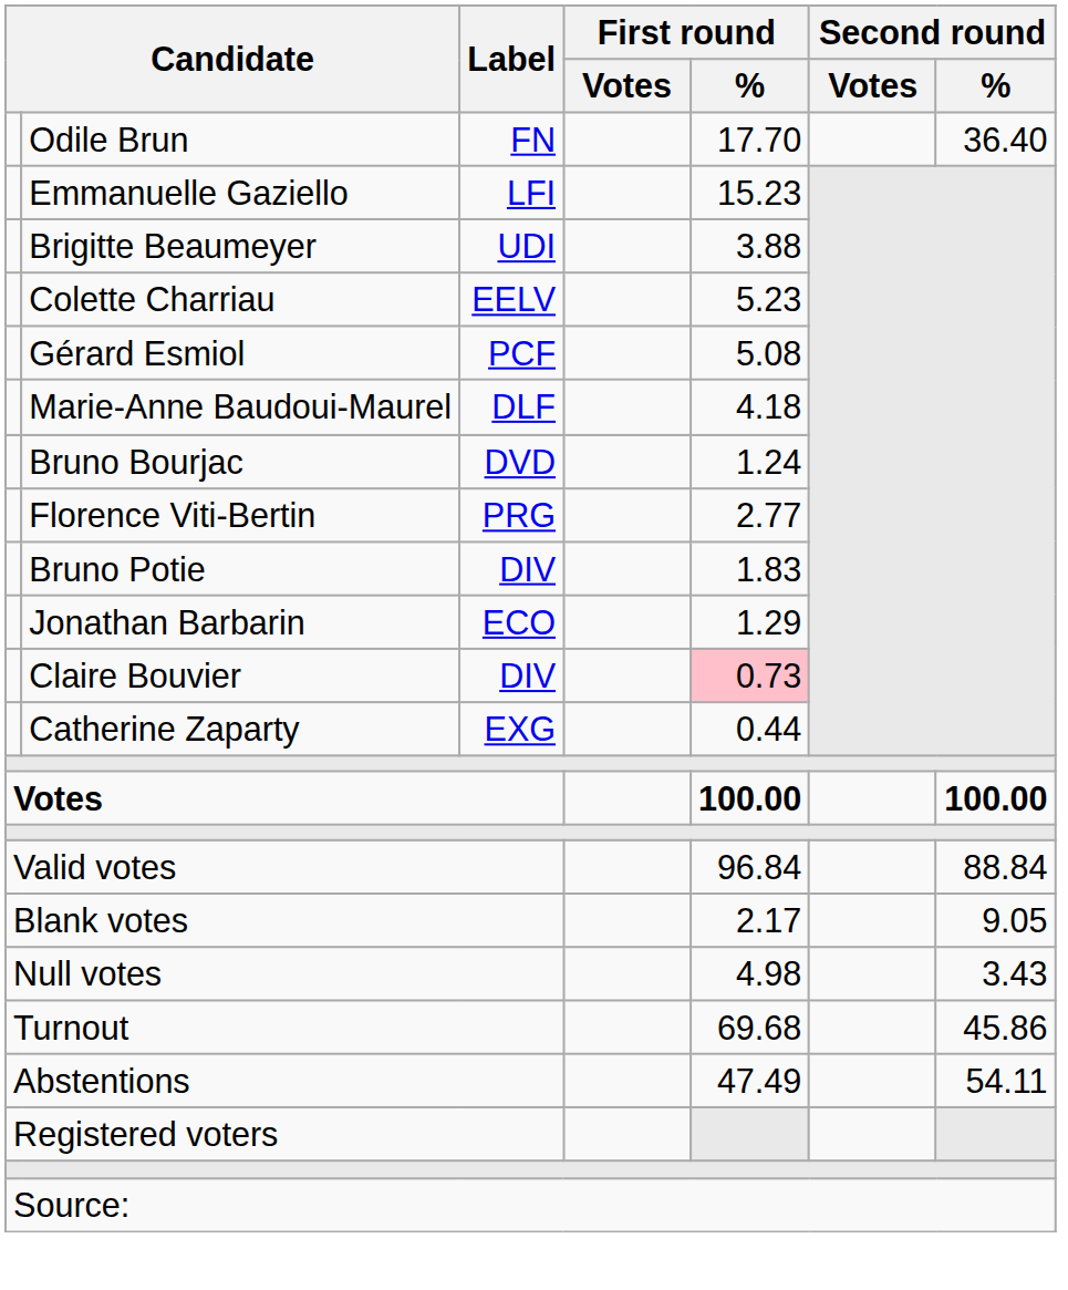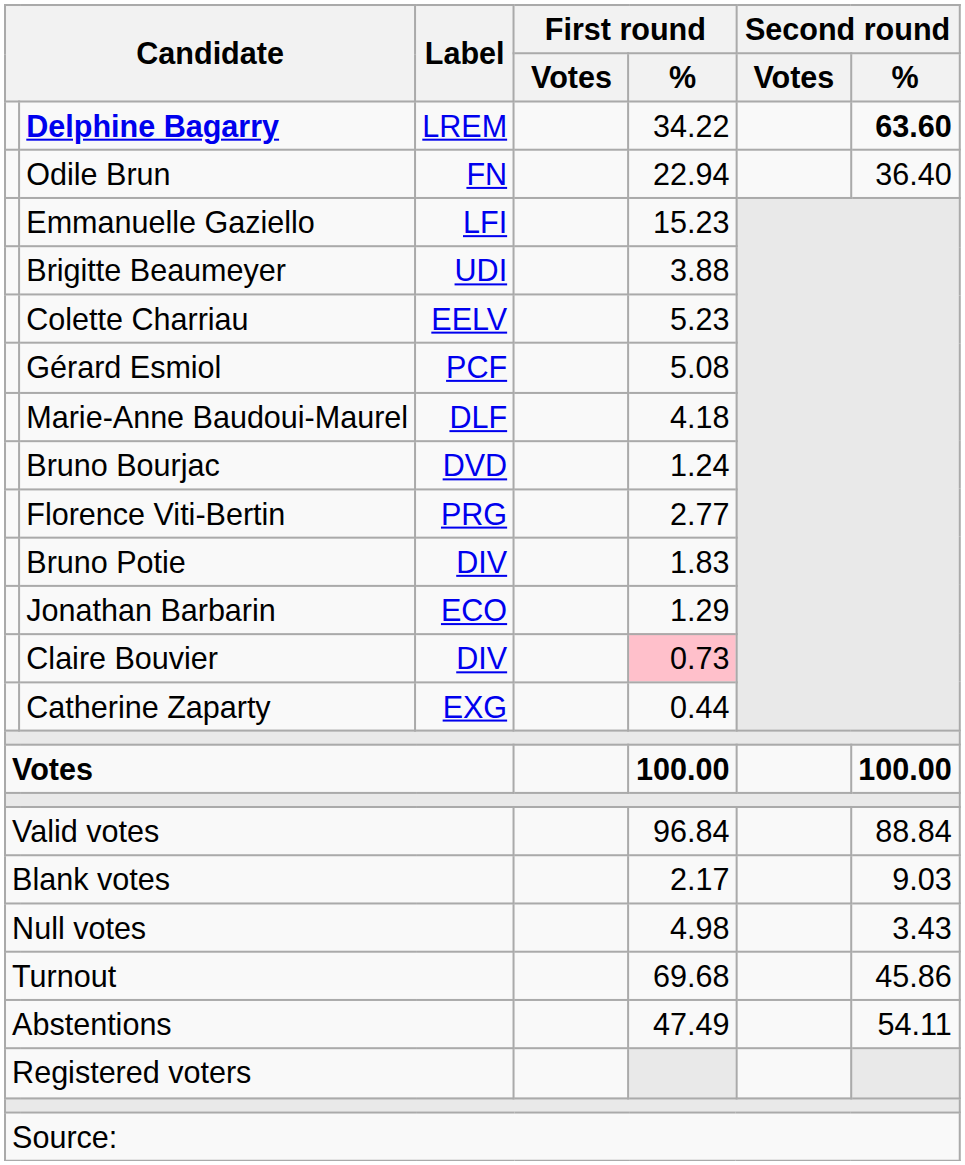 <table class="wikitable" style="text-align:right;font-size:95%;">
 <tr>
 <th colspan="2" rowspan="2">Candidate</th>
 <th rowspan="2">Label</th>
 <th colspan="2">First round</th>
 <th colspan="2">Second round</th>
 </tr>
 <tr>
 <th style="width:50px;">Votes</th>
 <th style="width:45px;">%</th>
 <th style="width:50px;">Votes</th>
 <th style="width:45px;">%</th>
 </tr>
 <tr>
 <td style="color:inherit;background:"></td>
+<td style="text-align:left;"><strong><a href='#'>Delphine Bagarry</a></strong></td>
+<td><a href='#'>LREM</a></td>
+<td></td>
+<td>34.22</td>
+<td><strong></strong></td>
+<td><strong>63.60</strong></td>
+</tr>
+<tr>
+<td style="color:inherit;background:"></td>
 <td style="text-align:left;">Odile Brun</td>
 <td><a href='#'>FN</a></td>
 <td></td>
-<td>17.70</td>
+<td>22.94</td>
 <td></td>
 <td>36.40</td>
 </tr>
 <tr>
 <td style="color:inherit;background:"></td>
 <td style="text-align:left;">Emmanuelle Gaziello</td>
 <td><a href='#'>LFI</a></td>
 <td></td>
 <td>15.23</td>
 <td colspan="2" rowspan="11" style="background:#E9E9E9;"></td>
 </tr>
 <tr>
 <td style="color:inherit;background:"></td>
 <td style="text-align:left;">Brigitte Beaumeyer</td>
 <td><a href='#'>UDI</a></td>
 <td></td>
 <td>3.88</td>
 </tr>
 <tr>
 <td style="color:inherit;background:"></td>
 <td style="text-align:left;">Colette Charriau</td>
 <td><a href='#'>EELV</a></td>
 <td></td>
 <td>5.23</td>
 </tr>
 <tr>
 <td style="color:inherit;background:"></td>
 <td style="text-align:left;">Gérard Esmiol</td>
 <td><a href='#'>PCF</a></td>
 <td></td>
 <td>5.08</td>
 </tr>
 <tr>
 <td style="color:inherit;background:"></td>
 <td style="text-align:left;">Marie-Anne Baudoui-Maurel</td>
 <td><a href='#'>DLF</a></td>
 <td></td>
 <td>4.18</td>
 </tr>
 <tr>
 <td style="color:inherit;background:"></td>
 <td style="text-align:left;">Bruno Bourjac</td>
 <td><a href='#'>DVD</a></td>
 <td></td>
 <td>1.24</td>
 </tr>
 <tr>
 <td style="color:inherit;background:"></td>
 <td style="text-align:left;">Florence Viti-Bertin</td>
 <td><a href='#'>PRG</a></td>
 <td></td>
 <td>2.77</td>
 </tr>
 <tr>
 <td style="color:inherit;background:"></td>
 <td style="text-align:left;">Bruno Potie</td>
 <td><a href='#'>DIV</a></td>
 <td></td>
 <td>1.83</td>
 </tr>
 <tr>
 <td style="color:inherit;background:"></td>
 <td style="text-align:left;">Jonathan Barbarin</td>
 <td><a href='#'>ECO</a></td>
 <td></td>
 <td>1.29</td>
 </tr>
 <tr>
 <td style="color:inherit;background:"></td>
 <td style="text-align:left;">Claire Bouvier</td>
 <td><a href='#'>DIV</a></td>
 <td></td>
 <td style="background: pink;">0.73</td>
 </tr>
 <tr>
 <td style="color:inherit;background:"></td>
 <td style="text-align:left;">Catherine Zaparty</td>
 <td><a href='#'>EXG</a></td>
 <td></td>
 <td>0.44</td>
 </tr>
 <tr>
 <td colspan="7" style="background:#E9E9E9;"></td>
 </tr>
 <tr style="font-weight:bold;">
 <td colspan="3" style="text-align:left;">Votes</td>
 <td></td>
 <td>100.00</td>
 <td></td>
 <td>100.00</td>
 </tr>
 <tr>
 <td colspan="7" style="background:#E9E9E9;"></td>
 </tr>
 <tr>
 <td colspan="3" style="text-align:left;">Valid votes</td>
 <td></td>
 <td>96.84</td>
 <td></td>
 <td>88.84</td>
 </tr>
 <tr>
 <td colspan="3" style="text-align:left;">Blank votes</td>
 <td></td>
 <td>2.17</td>
 <td></td>
-<td>9.05</td>
+<td>9.03</td>
 </tr>
 <tr>
 <td colspan="3" style="text-align:left;">Null votes</td>
 <td></td>
 <td>4.98</td>
 <td></td>
 <td>3.43</td>
 </tr>
 <tr>
 <td colspan="3" style="text-align:left;">Turnout</td>
 <td></td>
 <td>69.68</td>
 <td></td>
 <td>45.86</td>
 </tr>
 <tr>
 <td colspan="3" style="text-align:left;">Abstentions</td>
 <td></td>
 <td>47.49</td>
 <td></td>
 <td>54.11</td>
 </tr>
 <tr>
 <td colspan="3" style="text-align:left;">Registered voters</td>
 <td></td>
 <td style="background:#E9E9E9;"></td>
 <td></td>
 <td style="background:#E9E9E9;"></td>
 </tr>
 <tr>
 <td colspan="7" style="background:#E9E9E9;"></td>
 </tr>
 <tr>
 <td colspan="7" style="text-align:left;">Source: </td>
 </tr>
 </table>
